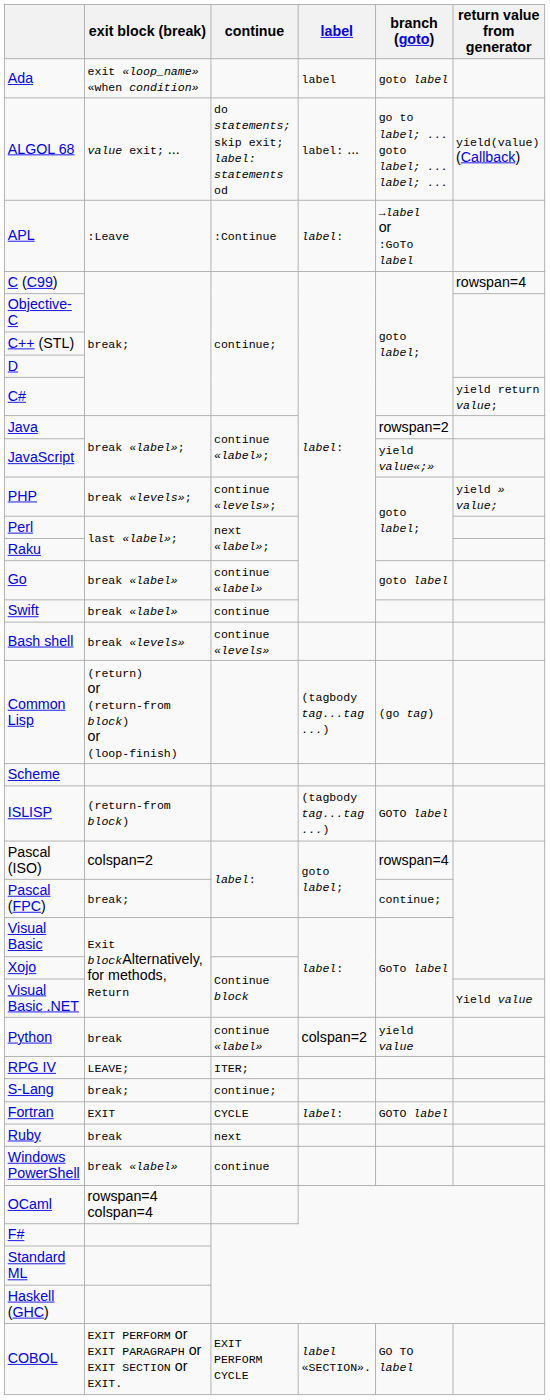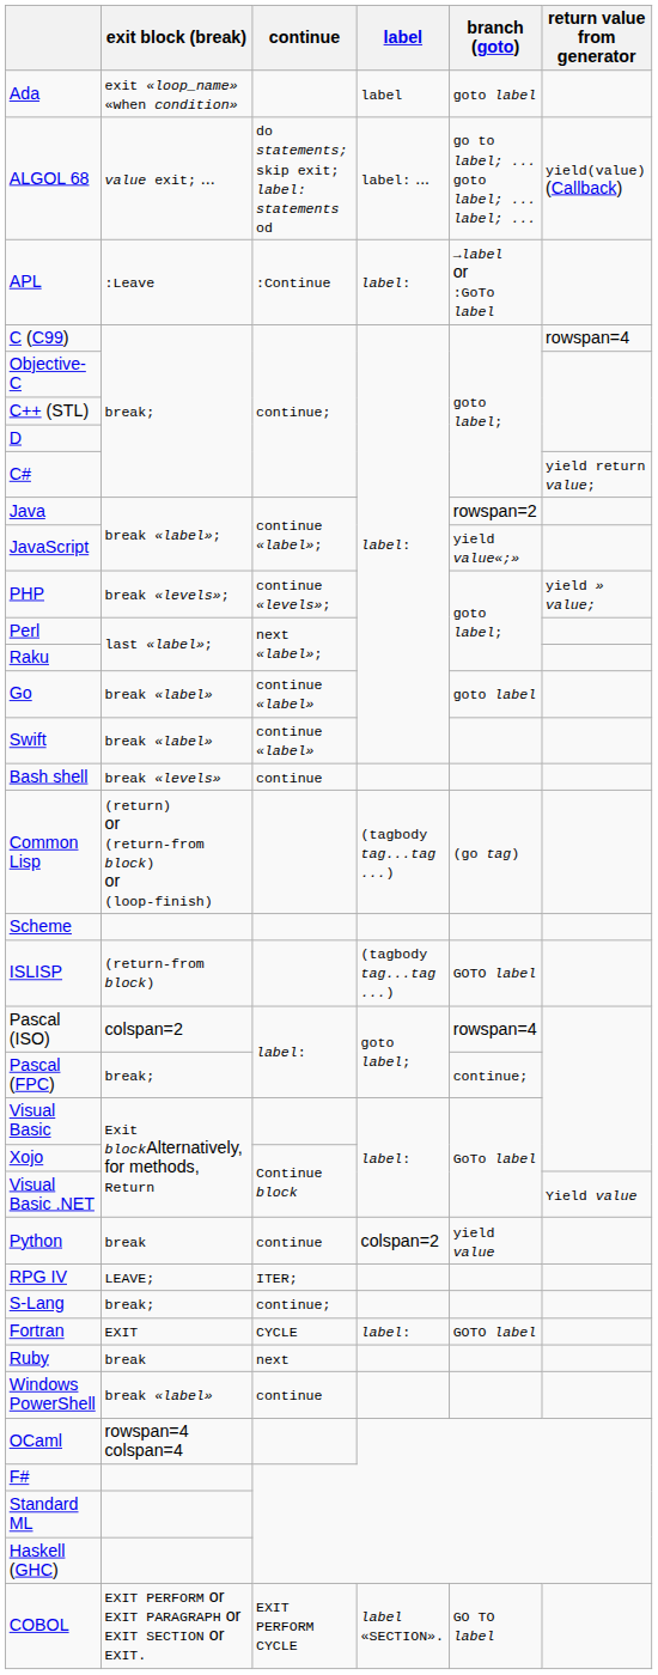 <table class="wikitable sortable">
 <tr>
 <th></th>
 <th>exit block (break)</th>
 <th>continue</th>
 <th><a href='#'>label</a></th>
 <th>branch (<a href='#'>goto</a>)</th>
 <th>return value from generator</th>
 </tr>
 <tr>
 <td><a href='#'>Ada</a></td>
 <td><code>exit <em>«loop_name»</em> «when <em>condition»</em></code></td>
 <td></td>
 <td><code>label</code></td>
 <td><code>goto <em>label</em></code></td>
 <td></td>
 </tr>
 <tr>
 <td><a href='#'>ALGOL 68</a></td>
 <td><code><em>value</em> exit;</code> ...</td>
 <td><code>do <em>statements;</em> skip exit; <em>label: statements</em> od</code></td>
 <td><code>label:</code> ...</td>
 <td><code>go to <em>label; ...</em><br>goto <em>label; ...<br>label; ...</em></code></td>
 <td><code>yield(value)</code><br>(<a href='#'>Callback</a>)</td>
 </tr>
 <tr>
 <td><a href='#'>APL</a></td>
 <td><code>:Leave</code></td>
 <td><code>:Continue</code></td>
 <td><code><em>label</em>:</code></td>
 <td><code>→<em>label</em></code><br>or<br><code>:GoTo <em>label</em></code></td>
 <td></td>
 </tr>
 <tr>
 <td><a href='#'>C</a> (<a href='#'>C99</a>)</td>
 <td rowspan=5><code>break;</code></td>
 <td rowspan=5><code>continue;</code></td>
 <td rowspan=12><code><em>label</em>:</code></td>
 <td rowspan=5><code>goto <em>label</em>;</code></td>
 <td>rowspan=4 </td>
 </tr>
 <tr>
 <td><a href='#'>Objective-C</a></td>
 </tr>
 <tr>
 <td><a href='#'>C++</a> (STL)</td>
 </tr>
 <tr>
 <td><a href='#'>D</a></td>
 </tr>
 <tr>
 <td><a href='#'>C#</a></td>
 <td><code>yield return <em>value</em>;</code></td>
 </tr>
 <tr>
 <td><a href='#'>Java</a></td>
 <td rowspan=2><code>break <em>«label»</em>;</code></td>
 <td rowspan=2><code>continue <em>«label»</em>;</code></td>
 <td>rowspan=2 </td>
 <td></td>
 </tr>
 <tr>
 <td><a href='#'>JavaScript</a></td>
 <td><code>yield <em>value«;»</em></code></td>
 </tr>
 <tr>
 <td><a href='#'>PHP</a></td>
 <td><code>break <em>«levels»</em>;</code></td>
 <td><code>continue <em>«levels»</em>;</code></td>
 <td rowspan=3><code>goto <em>label</em>;</code></td>
 <td><code>yield <em>» value;</em></code></td>
 </tr>
 <tr>
 <td><a href='#'>Perl</a></td>
 <td rowspan=2><code>last <em>«label»</em>;</code></td>
 <td rowspan=2><code>next <em>«label»</em>;</code></td>
 <td></td>
 </tr>
 <tr>
 <td><a href='#'>Raku</a></td>
 <td></td>
 </tr>
 <tr>
 <td><a href='#'>Go</a></td>
 <td><code>break <em>«label»</em></code></td>
 <td><code>continue <em>«label»</em></code></td>
 <td><code>goto <em>label</em></code></td>
 <td></td>
 </tr>
 <tr>
 <td><a href='#'>Swift</a></td>
 <td><code>break <em>«label»</em></code></td>
-<td><code>continue</code></td>
+<td><code>continue <em>«label»</em></code></td>
 <td></td>
 <td></td>
 </tr>
 <tr>
 <td><a href='#'>Bash shell</a></td>
 <td><code>break <em>«levels»</em></code></td>
-<td><code>continue <em>«levels»</em></code></td>
+<td><code>continue</code></td>
 <td></td>
 <td></td>
 <td></td>
 </tr>
 <tr>
 <td><a href='#'>Common Lisp</a></td>
 <td><code>(return)</code><br>or<br><code>(return-from <em>block</em>)</code><br>or<br><code>(loop-finish)</code></td>
 <td></td>
 <td><code>(tagbody <em>tag</em><em>...</em><em>tag</em><br><em>...</em>)</code></td>
 <td><code>(go <em>tag</em>)</code></td>
 <td></td>
 </tr>
 <tr>
 <td><a href='#'>Scheme</a></td>
 <td></td>
 <td></td>
 <td></td>
 <td></td>
 <td></td>
 </tr>
 <tr>
 <td><a href='#'>ISLISP</a></td>
 <td><code>(return-from <em>block</em>)</code></td>
 <td></td>
 <td><code>(tagbody <em>tag</em><em>...</em><em>tag</em><br><em>...</em>)</code></td>
 <td><code>GOTO <em>label</em></code></td>
 <td></td>
 </tr>
 <tr>
 <td>Pascal (ISO)</td>
 <td>colspan=2 </td>
 <td rowspan=2><code><em>label</em>:</code></td>
 <td rowspan=2><code>goto <em>label</em>;</code></td>
 <td>rowspan=4 </td>
 </tr>
 <tr>
 <td><a href='#'>Pascal</a> (<a href='#'>FPC</a>)</td>
 <td><code>break;</code></td>
 <td><code>continue;</code></td>
 </tr>
 <tr>
 <td><a href='#'>Visual Basic</a></td>
 <td rowspan=3><code>Exit <em>block</em></code>Alternatively, for methods,<br><code>Return</code></td>
 <td></td>
 <td rowspan=3><code><em>label</em>:</code></td>
 <td rowspan=3><code>GoTo <em>label</em></code></td>
 </tr>
 <tr>
 <td><a href='#'>Xojo</a></td>
 <td rowspan=2><code>Continue <em>block</em></code></td>
 </tr>
 <tr>
 <td><a href='#'>Visual Basic .NET</a></td>
 <td><code>Yield <em>value</em></code></td>
 </tr>
 <tr>
 <td><a href='#'>Python</a></td>
 <td><code>break</code></td>
-<td><code>continue <em>«label»</em></code></td>
+<td><code>continue</code></td>
 <td>colspan=2 </td>
 <td><code>yield <em>value</em></code></td>
 </tr>
 <tr>
 <td><a href='#'>RPG IV</a></td>
 <td><code>LEAVE;</code></td>
 <td><code>ITER;</code></td>
 <td></td>
 <td></td>
 <td></td>
 </tr>
 <tr>
 <td><a href='#'>S-Lang</a></td>
 <td><code>break;</code></td>
 <td><code>continue;</code></td>
 <td></td>
 <td></td>
 <td></td>
 </tr>
 <tr>
 <td><a href='#'>Fortran</a></td>
 <td><code>EXIT</code></td>
 <td><code>CYCLE</code></td>
 <td><code><em>label</em>:</code></td>
 <td><code>GOTO <em>label</em></code></td>
 <td></td>
 </tr>
 <tr>
 <td><a href='#'>Ruby</a></td>
 <td><code>break</code></td>
 <td><code>next</code></td>
 <td></td>
 <td></td>
 <td></td>
 </tr>
 <tr>
 <td><a href='#'>Windows PowerShell</a></td>
 <td><code>break <em>«label»</em></code></td>
 <td><code>continue</code></td>
 <td></td>
 <td></td>
 <td></td>
 </tr>
 <tr>
 <td><a href='#'>OCaml</a></td>
 <td>rowspan=4 colspan=4 </td>
 <td></td>
 </tr>
 <tr>
 <td><a href='#'>F#</a></td>
 <td></td>
 </tr>
 <tr>
 <td><a href='#'>Standard ML</a></td>
 <td></td>
 </tr>
 <tr>
 <td><a href='#'>Haskell</a> (<a href='#'>GHC</a>)</td>
 <td></td>
 </tr>
 <tr>
 <td><a href='#'>COBOL</a></td>
 <td><code>EXIT PERFORM</code> or <code>EXIT PARAGRAPH</code> or <code>EXIT SECTION</code> or <code>EXIT.</code></td>
 <td><code>EXIT PERFORM CYCLE</code></td>
 <td><code><em>label</em> «SECTION».</code></td>
 <td><code>GO TO <em>label</em></code></td>
 <td></td>
 </tr>
 </table>
